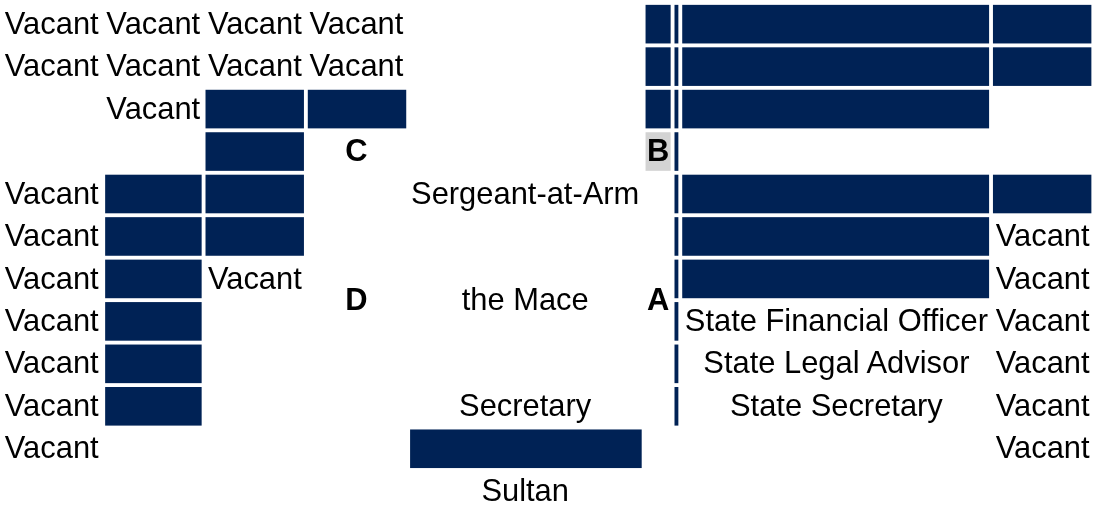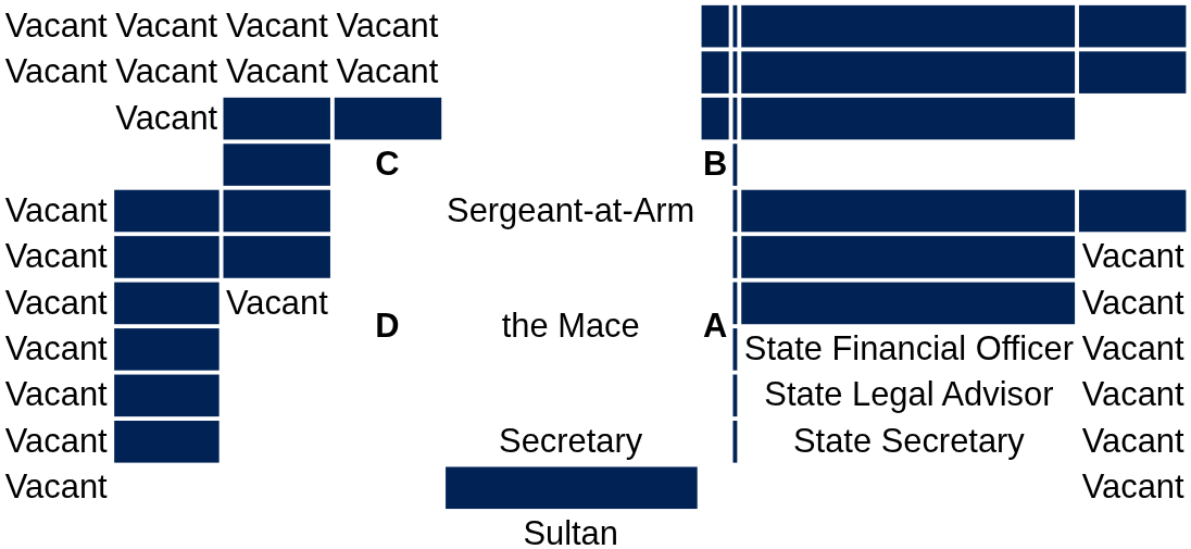 <table style="font-size:100%; text-align:center;">
 <tr>
 <td>Vacant</td>
 <td>Vacant</td>
 <td>Vacant</td>
 <td>Vacant</td>
 <td></td>
 <td style="background-color:#002255;"></td>
 <td style="background-color:#002255;"></td>
 <td style="background-color:#002255;"></td>
 <td style="background-color:#002255;"></td>
 </tr>
 <tr>
 <td>Vacant</td>
 <td>Vacant</td>
 <td>Vacant</td>
 <td>Vacant</td>
 <td></td>
 <td bgcolor=#002255></td>
 <td style="background-color:#002255;"></td>
 <td style="background-color:#002255;"></td>
 <td style="background-color:#002255;"></td>
 </tr>
 <tr>
 <td></td>
 <td>Vacant</td>
 <td style="background-color:#002255;"></td>
 <td style="background-color:#002255;"></td>
 <td></td>
 <td style="background-color:#002255;"></td>
 <td style="background-color:#002255;"></td>
 <td style="background-color:#002255;"></td>
 <td></td>
 <td></td>
 </tr>
 <tr>
 <td></td>
 <td></td>
 <td style="background-color:#002255;"></td>
 <td><strong>C</strong></td>
 <td></td>
-<td style="background: lightgrey;"><strong>B</strong></td>
+<td><strong>B</strong></td>
 <td style="background-color:#002255;"></td>
 <td></td>
 <td></td>
 </tr>
 <tr>
 <td>Vacant</td>
 <td style="background-color:#002255;"></td>
 <td style="background-color:#002255;"></td>
 <td rowspan=6><strong>D</strong></td>
 <td>Sergeant-at-Arm</td>
 <td rowspan=6><strong>A</strong></td>
 <td style="background-color:#002255;"></td>
 <td style="background-color:#002255;"></td>
 <td style="background-color:#002255;"></td>
 </tr>
 <tr>
 <td>Vacant</td>
 <td style="background-color:#002255;"></td>
 <td style="background-color:#002255;"></td>
 <td></td>
 <td style="background-color:#002255;"></td>
 <td style="background-color:#002255;"></td>
 <td>Vacant</td>
 </tr>
 <tr>
 <td>Vacant</td>
 <td style="background-color:#002255;"></td>
 <td>Vacant</td>
 <td rowspan=2>the Mace</td>
 <td bgcolor=#002255></td>
 <td bgcolor=#002255></td>
 <td>Vacant</td>
 </tr>
 <tr>
 <td>Vacant</td>
 <td style="background-color:#002255;"></td>
 <td></td>
 <td style="background-color:#002255;"></td>
 <td>State Financial Officer</td>
 <td>Vacant</td>
 </tr>
 <tr>
 <td>Vacant</td>
 <td style="background-color:#002255;"></td>
 <td></td>
 <td></td>
 <td bgcolor=#002255></td>
 <td>State Legal Advisor</td>
 <td>Vacant</td>
 </tr>
 <tr>
 <td>Vacant</td>
 <td style="background-color:#002255;"></td>
 <td></td>
 <td>Secretary</td>
 <td style="background-color:#002255;"></td>
 <td>State Secretary</td>
 <td>Vacant</td>
 </tr>
 <tr>
 <td>Vacant</td>
 <td></td>
 <td></td>
 <td></td>
 <td style="background-color:#002255;"></td>
 <td></td>
 <td></td>
 <td></td>
 <td>Vacant</td>
 </tr>
 <tr>
 <td></td>
 <td></td>
 <td></td>
 <td></td>
 <td>Sultan</td>
 <td></td>
 <td></td>
 <td></td>
 <td></td>
 </tr>
 </table>
